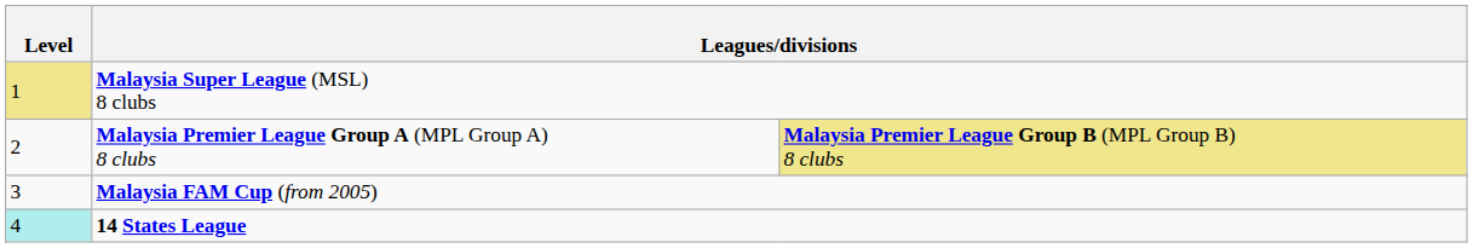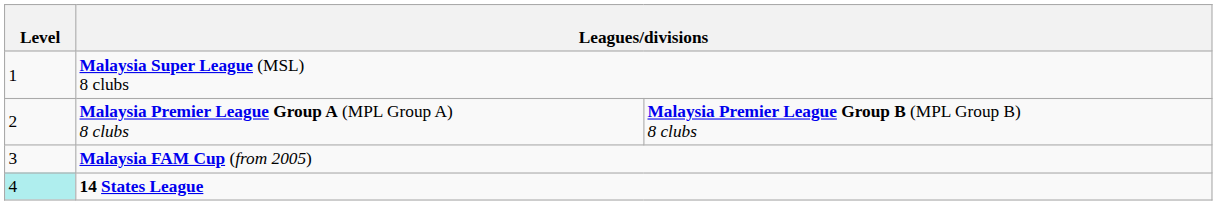 <table class="wikitable" style="text-align: centre;">
 <tr>
 <th colspan="1" width="4%"><br>Level</th>
 <th colspan="2" width="96%"><br>Leagues/divisions</th>
 </tr>
 <tr>
-<td style="background: khaki;">1</td>
+<td>1</td>
 <td colspan="2"><strong><a href='#'>Malaysia Super League</a></strong> (MSL)<br>8 clubs</td>
 </tr>
 <tr>
 <td>2</td>
 <td colspan="1" width="32%"><strong><a href='#'>Malaysia Premier League</a> Group A</strong> (MPL Group A)<br><em>8 clubs</em></td>
-<td colspan="1" width="32%" style="background: khaki;"><strong><a href='#'>Malaysia Premier League</a> Group B</strong> (MPL Group B)<br><em>8 clubs</em></td>
+<td colspan="1" width="32%"><strong><a href='#'>Malaysia Premier League</a> Group B</strong> (MPL Group B)<br><em>8 clubs</em></td>
 </tr>
 <tr>
 <td>3</td>
 <td colspan="2"><strong><a href='#'>Malaysia FAM Cup</a></strong> (<em>from 2005</em>)</td>
 </tr>
 <tr>
 <td style="background: paleturquoise;">4</td>
 <td colspan="2"><strong>14 <a href='#'>States League</a></strong></td>
 </tr>
 </table>
